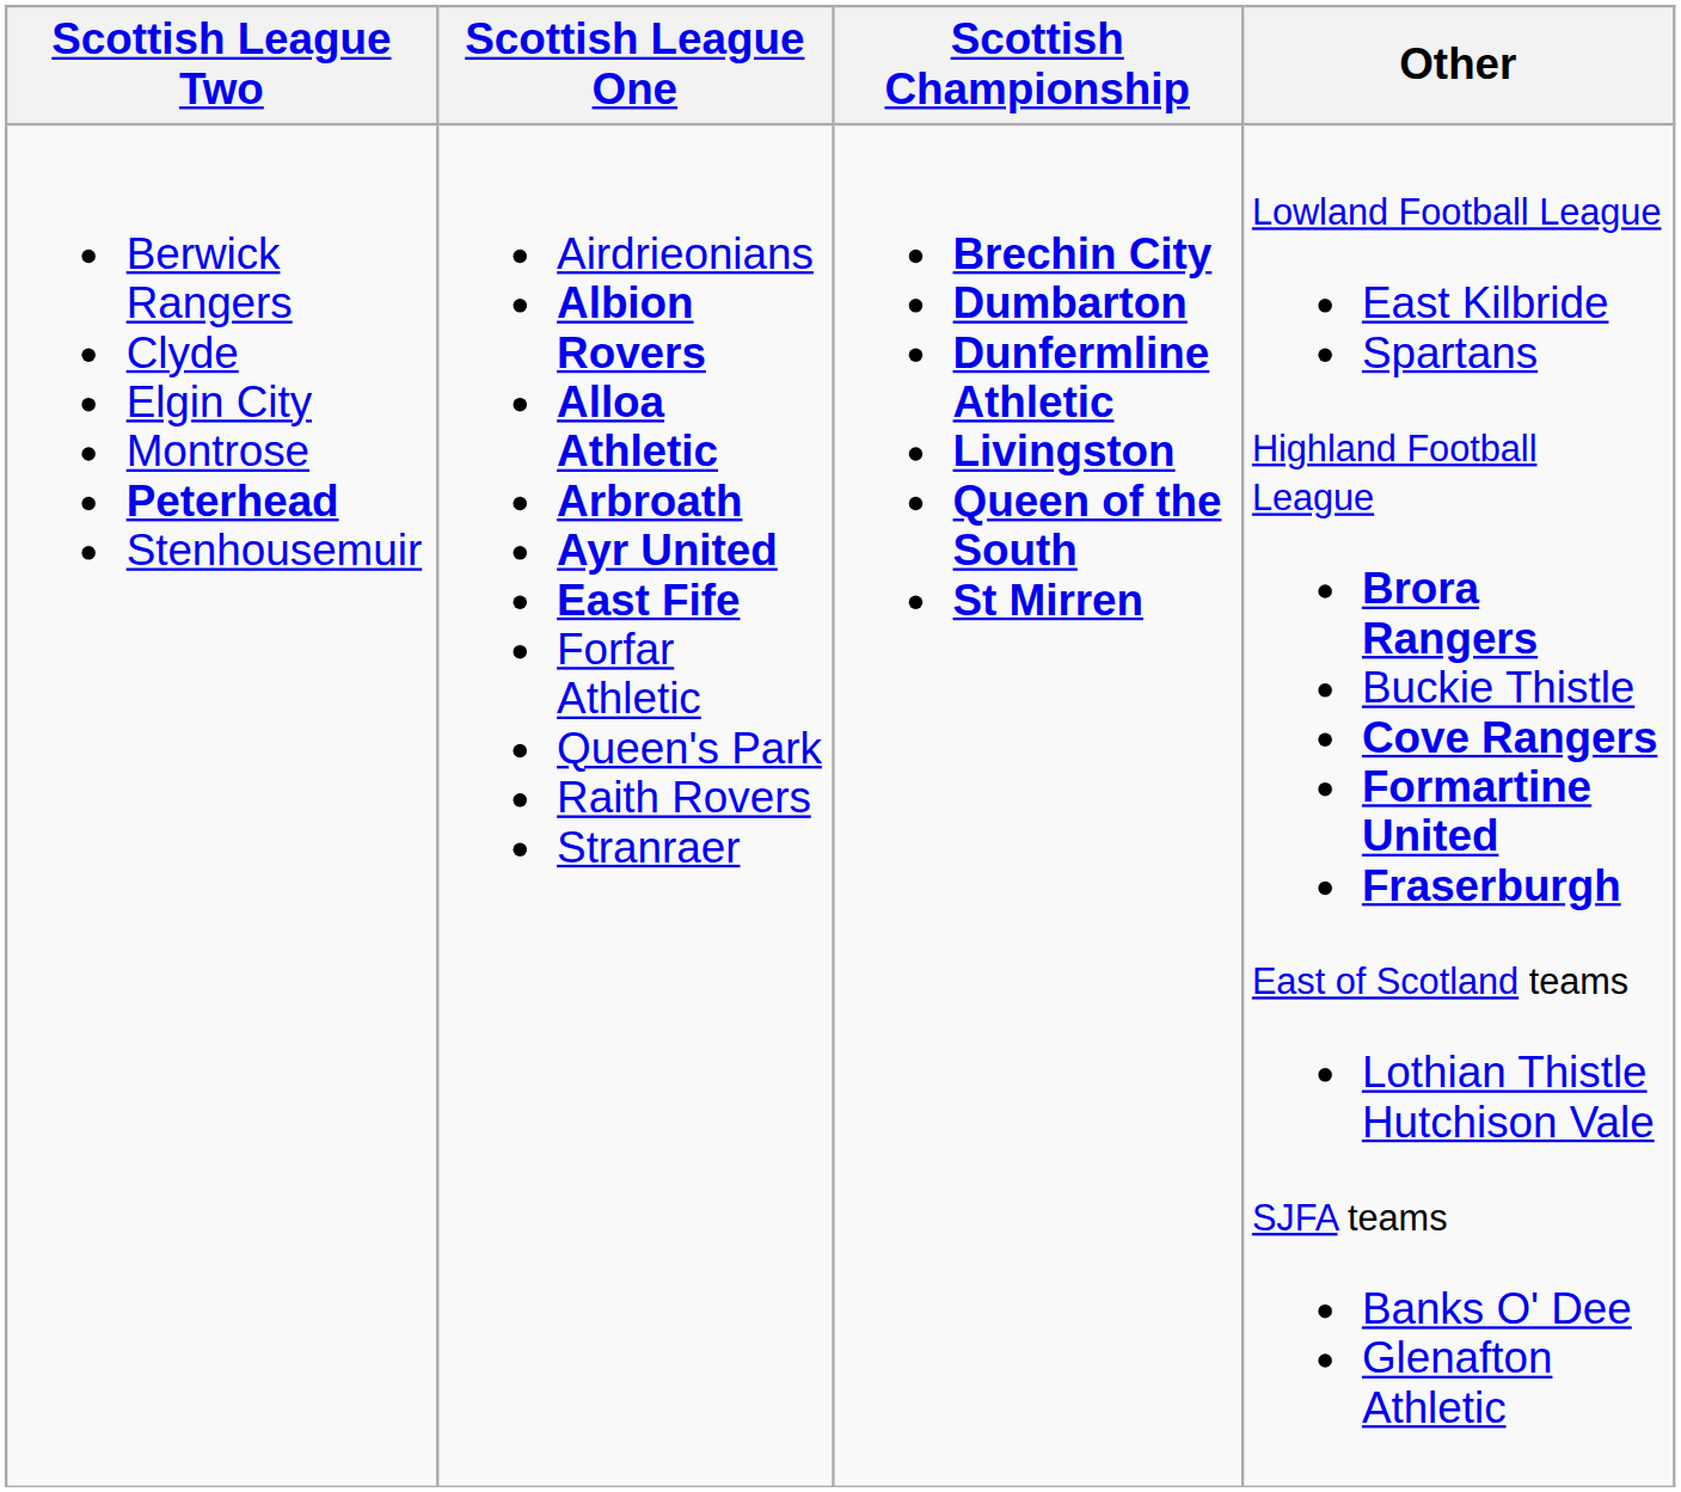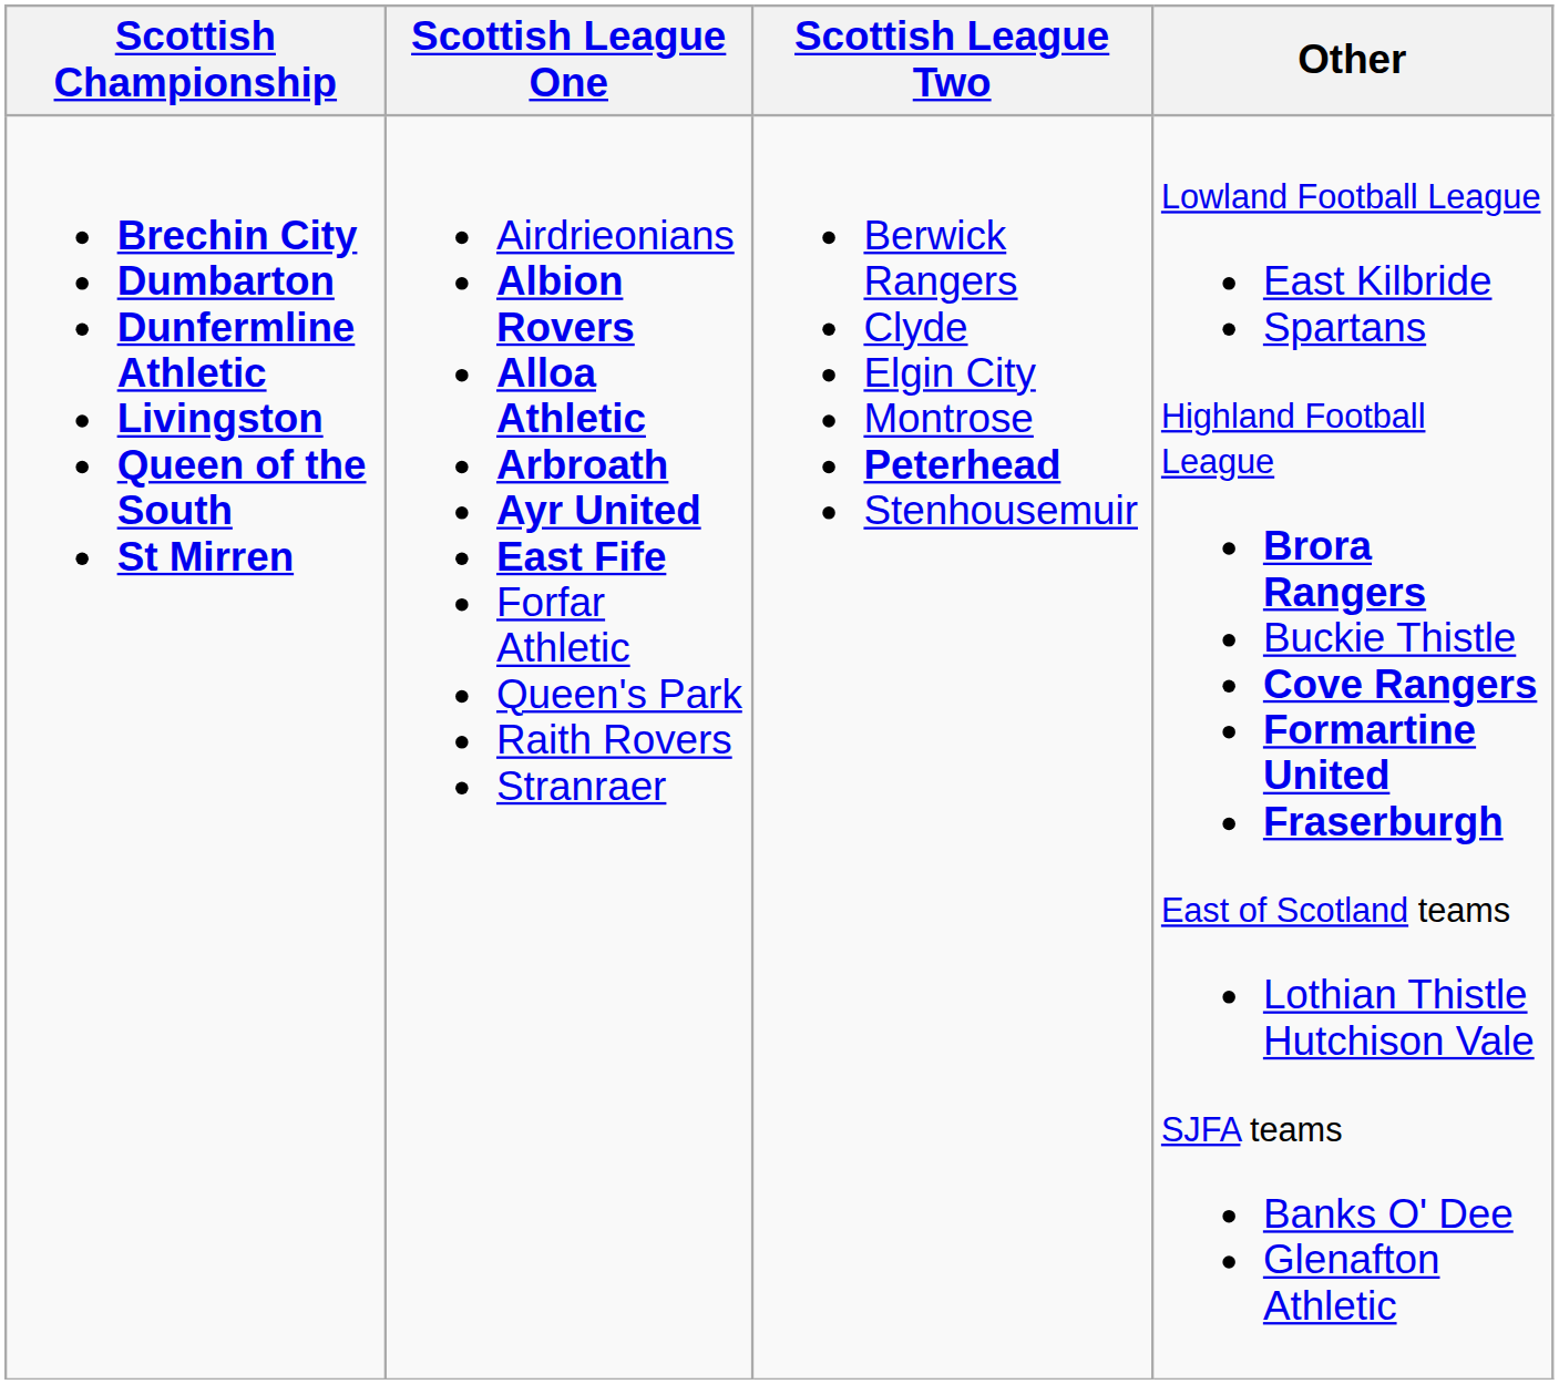 <table class="wikitable" style="text-align:left">
 <tr>
+<th><a href='#'>Scottish Championship</a></th>
+<th><a href='#'>Scottish League One</a></th>
 <th><a href='#'>Scottish League Two</a></th>
-<th><a href='#'>Scottish League One</a></th>
-<th><a href='#'>Scottish Championship</a></th>
 <th>Other</th>
 </tr>
 <tr>
+<td valign=top><br><ul><li><strong><a href='#'>Brechin City</a></strong></li><li><strong><a href='#'>Dumbarton</a></strong></li><li><strong><a href='#'>Dunfermline Athletic</a></strong></li><li><strong><a href='#'>Livingston</a></strong></li><li><strong><a href='#'>Queen of the South</a></strong></li><li><strong><a href='#'>St Mirren</a></strong></li></ul></td>
+<td valign=top><br><ul><li><a href='#'>Airdrieonians</a></li><li><strong><a href='#'>Albion Rovers</a></strong></li><li><strong><a href='#'>Alloa Athletic</a></strong></li><li><strong><a href='#'>Arbroath</a></strong></li><li><strong><a href='#'>Ayr United</a></strong></li><li><strong><a href='#'>East Fife</a></strong></li><li><a href='#'>Forfar Athletic</a></li><li><a href='#'>Queen's Park</a></li><li><a href='#'>Raith Rovers</a></li><li><a href='#'>Stranraer</a></li></ul></td>
 <td valign=top><br><ul><li><a href='#'>Berwick Rangers</a></li><li><a href='#'>Clyde</a></li><li><a href='#'>Elgin City</a></li><li><a href='#'>Montrose</a></li><li><strong><a href='#'>Peterhead</a></strong></li><li><a href='#'>Stenhousemuir</a></li></ul></td>
-<td valign=top><br><ul><li><a href='#'>Airdrieonians</a></li><li><strong><a href='#'>Albion Rovers</a></strong></li><li><strong><a href='#'>Alloa Athletic</a></strong></li><li><strong><a href='#'>Arbroath</a></strong></li><li><strong><a href='#'>Ayr United</a></strong></li><li><strong><a href='#'>East Fife</a></strong></li><li><a href='#'>Forfar Athletic</a></li><li><a href='#'>Queen's Park</a></li><li><a href='#'>Raith Rovers</a></li><li><a href='#'>Stranraer</a></li></ul></td>
-<td valign=top><br><ul><li><strong><a href='#'>Brechin City</a></strong></li><li><strong><a href='#'>Dumbarton</a></strong></li><li><strong><a href='#'>Dunfermline Athletic</a></strong></li><li><strong><a href='#'>Livingston</a></strong></li><li><strong><a href='#'>Queen of the South</a></strong></li><li><strong><a href='#'>St Mirren</a></strong></li></ul></td>
 <td valign=top><br><small><a href='#'>Lowland Football League</a></small><ul><li><a href='#'>East Kilbride</a></li><li><a href='#'>Spartans</a></li></ul><small><a href='#'>Highland Football League</a></small><ul><li><strong><a href='#'>Brora Rangers</a></strong></li><li><a href='#'>Buckie Thistle</a></li><li><strong><a href='#'>Cove Rangers</a></strong></li><li><strong><a href='#'>Formartine United</a></strong></li><li><strong><a href='#'>Fraserburgh</a></strong></li></ul><small><a href='#'>East of Scotland</a> teams</small><ul><li><a href='#'>Lothian Thistle Hutchison Vale</a></li></ul><small><a href='#'>SJFA</a> teams</small><ul><li><a href='#'>Banks O' Dee</a></li><li><a href='#'>Glenafton Athletic</a></li></ul></td>
 </tr>
 </table>
